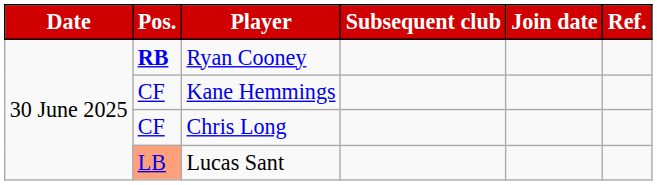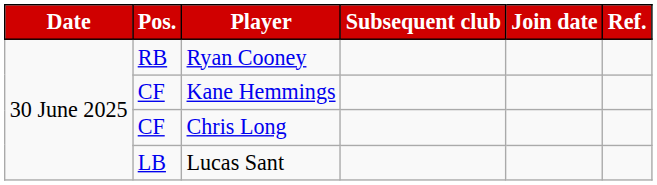 <table class="wikitable plainrowheaders sortable">
 <tr>
 <th style="background:#D00000;border:1px solid black;color:white">Date</th>
 <th style="background:#D00000;border:1px solid black;color:white">Pos.</th>
 <th style="background:#D00000;border:1px solid black;color:white">Player</th>
 <th style="background:#D00000;border:1px solid black;color:white">Subsequent club</th>
 <th style="background:#D00000;border:1px solid black;color:white">Join date</th>
 <th style="background:#D00000;border:1px solid black;color:white">Ref.</th>
 </tr>
 <tr>
 <td rowspan="4">30 June 2025</td>
-<td><strong><a href='#'>RB</a></strong></td>
+<td><a href='#'>RB</a></td>
 <td> <a href='#'>Ryan Cooney</a></td>
 <td></td>
 <td></td>
 <td></td>
 </tr>
 <tr>
 <td><a href='#'>CF</a></td>
 <td> <a href='#'>Kane Hemmings</a></td>
 <td></td>
 <td></td>
 <td></td>
 </tr>
 <tr>
 <td><a href='#'>CF</a></td>
 <td> <a href='#'>Chris Long</a></td>
 <td></td>
 <td></td>
 <td></td>
 </tr>
 <tr>
-<td style="background: lightsalmon;"><a href='#'>LB</a></td>
+<td><a href='#'>LB</a></td>
 <td> Lucas Sant</td>
 <td></td>
 <td></td>
 <td></td>
 </tr>
 </table>
